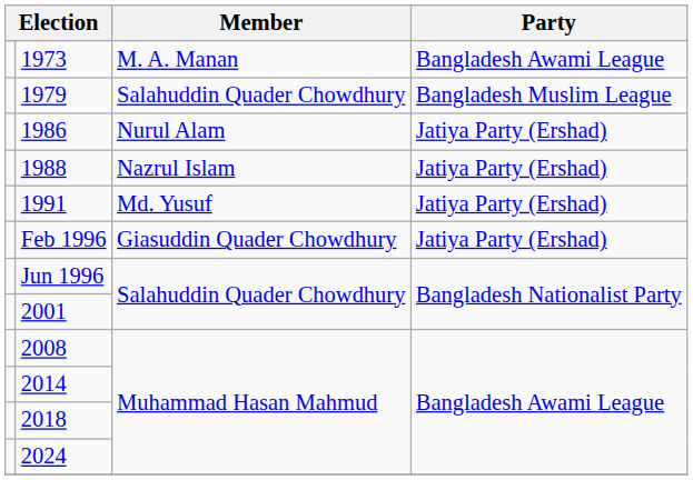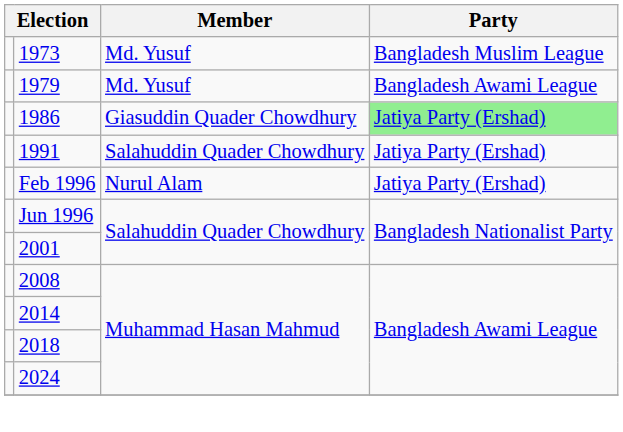 <table class="wikitable">
 <tr>
 <th colspan="2">Election</th>
 <th>Member</th>
 <th>Party</th>
 </tr>
 <tr>
 <td style="background-color:"></td>
 <td><a href='#'>1973</a></td>
-<td><a href='#'>M. A. Manan</a></td>
+<td><a href='#'>Md. Yusuf</a></td>
+<td><a href='#'>Bangladesh Muslim League</a></td>
+</tr>
+<tr>
+<td style="background-color:"></td>
+<td><a href='#'>1979</a></td>
+<td><a href='#'>Md. Yusuf</a></td>
 <td><a href='#'>Bangladesh Awami League</a></td>
 </tr>
 <tr>
 <td style="background-color:"></td>
-<td><a href='#'>1979</a></td>
-<td><a href='#'>Salahuddin Quader Chowdhury</a></td>
-<td><a href='#'>Bangladesh Muslim League</a></td>
-</tr>
-<tr>
-<td style="background-color:"></td>
 <td><a href='#'>1986</a></td>
-<td><a href='#'>Nurul Alam</a></td>
-<td><a href='#'>Jatiya Party (Ershad)</a></td>
-</tr>
-<tr>
-<td style="background-color:"></td>
-<td><a href='#'>1988</a></td>
-<td><a href='#'>Nazrul Islam</a></td>
-<td><a href='#'>Jatiya Party (Ershad)</a></td>
+<td><a href='#'>Giasuddin Quader Chowdhury</a></td>
+<td style="background: lightgreen;"><a href='#'>Jatiya Party (Ershad)</a></td>
 </tr>
 <tr>
 <td style="background-color:"></td>
 <td><a href='#'>1991</a></td>
-<td><a href='#'>Md. Yusuf</a></td>
+<td><a href='#'>Salahuddin Quader Chowdhury</a></td>
 <td><a href='#'>Jatiya Party (Ershad)</a></td>
 </tr>
 <tr>
 <td style="background-color:"></td>
 <td><a href='#'>Feb 1996</a></td>
-<td><a href='#'>Giasuddin Quader Chowdhury</a></td>
+<td><a href='#'>Nurul Alam</a></td>
 <td><a href='#'>Jatiya Party (Ershad)</a></td>
 </tr>
 <tr>
 <td style="background-color:"></td>
 <td><a href='#'>Jun 1996</a></td>
 <td rowspan="2"><a href='#'>Salahuddin Quader Chowdhury</a></td>
 <td rowspan="2"><a href='#'>Bangladesh Nationalist Party</a></td>
 </tr>
 <tr>
 <td style="background-color:"></td>
 <td><a href='#'>2001</a></td>
 </tr>
 <tr>
 <td style="background-color:"></td>
 <td><a href='#'>2008</a></td>
 <td rowspan="4"><a href='#'>Muhammad Hasan Mahmud</a></td>
 <td rowspan="4"><a href='#'>Bangladesh Awami League</a></td>
 </tr>
 <tr>
 <td style="background-color:"></td>
 <td><a href='#'>2014</a></td>
 </tr>
 <tr>
 <td style="background-color:"></td>
 <td><a href='#'>2018</a></td>
 </tr>
 <tr>
 <td style="background-color:"></td>
 <td><a href='#'>2024</a></td>
 </tr>
 <tr>
 </tr>
 </table>
